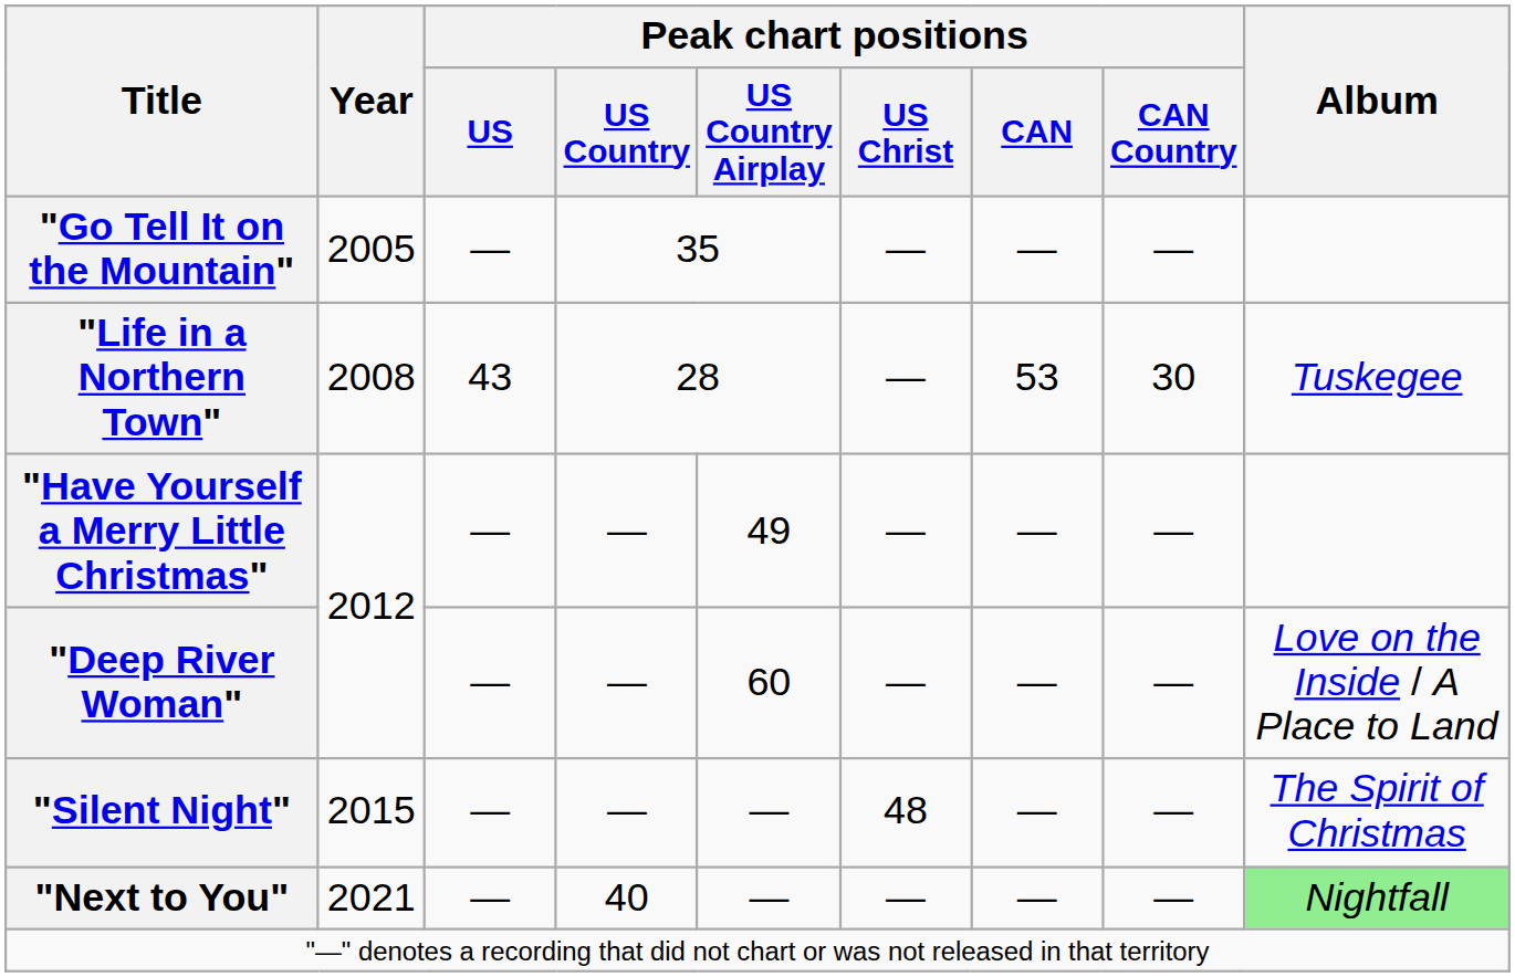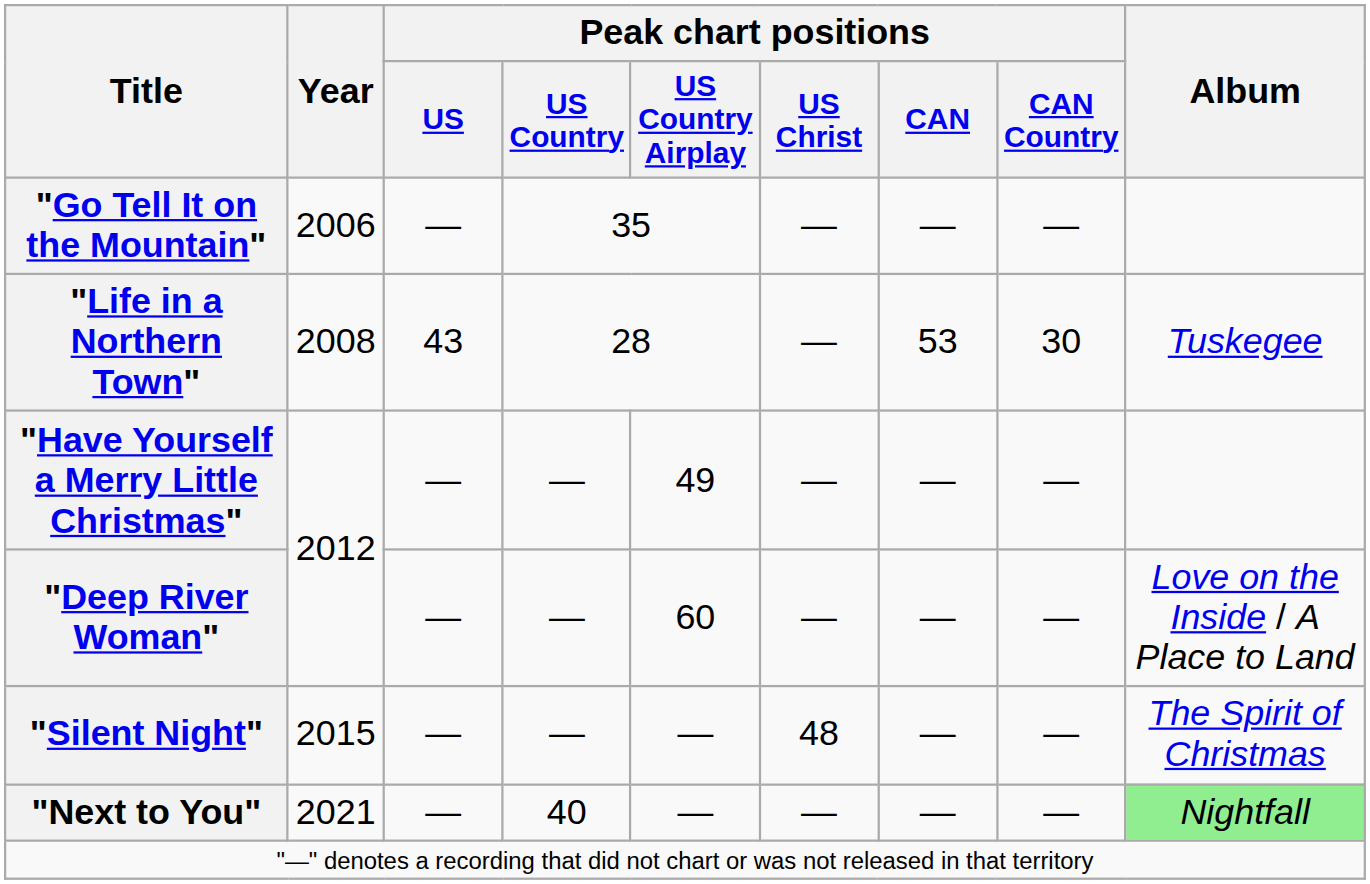 <table class="wikitable plainrowheaders" style="text-align:center;">
 <tr>
 <th rowspan="2">Title</th>
 <th rowspan="2">Year</th>
 <th colspan="6">Peak chart positions</th>
 <th rowspan="2">Album</th>
 </tr>
 <tr style="font-size:smaller;">
 <th style="width:3.5em;"><a href='#'>US</a><br></th>
 <th style="width:3.5em;"><a href='#'>US Country</a><br></th>
 <th style="width:3.5em;"><a href='#'>US Country Airplay</a><br></th>
 <th style="width:3.5em;"><a href='#'>US<br>Christ</a><br></th>
 <th style="width:3.5em;"><a href='#'>CAN</a><br></th>
 <th style="width:3.5em;"><a href='#'>CAN Country</a><br></th>
 </tr>
 <tr>
 <th scope="row">"<a href='#'>Go Tell It on the Mountain</a>"</th>
-<td>2005</td>
+<td>2006</td>
 <td>—</td>
 <td colspan="2">35</td>
 <td>—</td>
 <td>—</td>
 <td>—</td>
 <td></td>
 </tr>
 <tr>
 <th scope="row">"<a href='#'>Life in a Northern Town</a>" <br></th>
 <td>2008</td>
 <td>43</td>
 <td colspan="2">28</td>
 <td>—</td>
 <td>53</td>
 <td>30</td>
 <td><em><a href='#'>Tuskegee</a></em></td>
 </tr>
 <tr>
 <th scope="row">"<a href='#'>Have Yourself a Merry Little Christmas</a>"</th>
 <td rowspan="2">2012</td>
 <td>—</td>
 <td>—</td>
 <td>49</td>
 <td>—</td>
 <td>—</td>
 <td>—</td>
 <td></td>
 </tr>
 <tr>
 <th scope="row">"<a href='#'>Deep River Woman</a>" <br></th>
 <td>—</td>
 <td>—</td>
 <td>60</td>
 <td>—</td>
 <td>—</td>
 <td>—</td>
 <td><em><a href='#'>Love on the Inside</a></em> / <em>A Place to Land</em> </td>
 </tr>
 <tr>
 <th scope="row">"<a href='#'>Silent Night</a>" <br></th>
 <td>2015</td>
 <td>—</td>
 <td>—</td>
 <td>—</td>
 <td>48</td>
 <td>—</td>
 <td>—</td>
 <td><em><a href='#'>The Spirit of Christmas</a></em></td>
 </tr>
 <tr>
 <th scope="row">"Next to You"</th>
 <td>2021</td>
 <td>—</td>
 <td>40</td>
 <td>—</td>
 <td>—</td>
 <td>—</td>
 <td>—</td>
 <td style="background: lightgreen;"><em>Nightfall</em></td>
 </tr>
 <tr>
 <td colspan="11" style="font-size:8pt">"—" denotes a recording that did not chart or was not released in that territory</td>
 </tr>
 </table>
